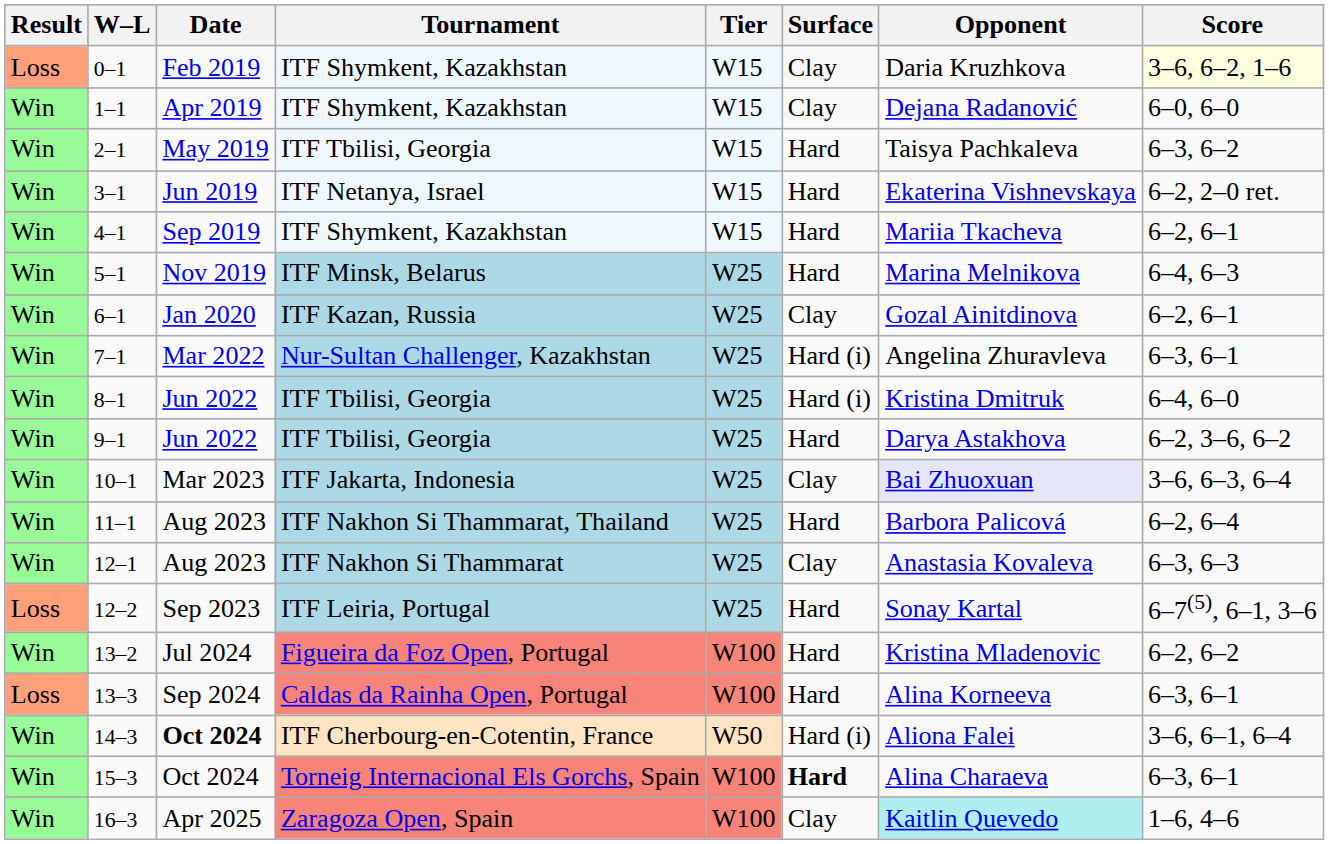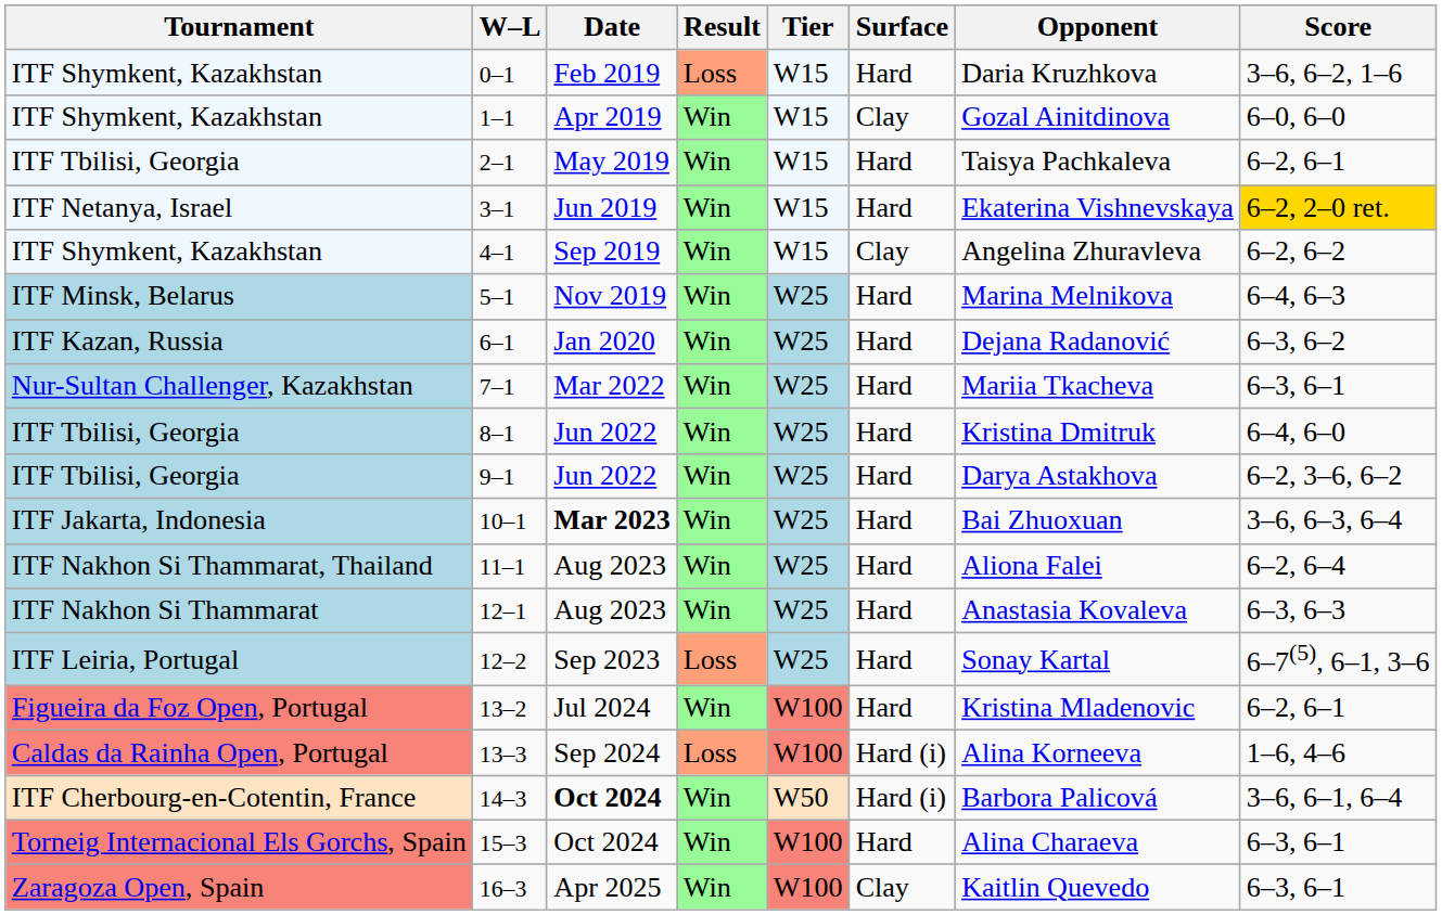 <table class="sortable wikitable">
 <tr>
-<th>Result</th>
+<th>Tournament</th>
 <th class="unsortable">W–L</th>
 <th>Date</th>
-<th>Tournament</th>
+<th>Result</th>
 <th>Tier</th>
 <th>Surface</th>
 <th>Opponent</th>
 <th class="unsortable">Score</th>
 </tr>
 <tr>
-<td style="background:#ffa07a">Loss</td>
+<td style="background:#f0f8ff;">ITF Shymkent, Kazakhstan</td>
 <td><small>0–1</small></td>
 <td><a href='#'>Feb 2019</a></td>
+<td style="background:#ffa07a">Loss</td>
+<td style="background:#f0f8ff;">W15</td>
+<td>Hard</td>
+<td> Daria Kruzhkova</td>
+<td>3–6, 6–2, 1–6</td>
+</tr>
+<tr>
 <td style="background:#f0f8ff;">ITF Shymkent, Kazakhstan</td>
+<td><small>1–1</small></td>
+<td><a href='#'>Apr 2019</a></td>
+<td style="background:#98fb98;">Win</td>
 <td style="background:#f0f8ff;">W15</td>
 <td>Clay</td>
-<td> Daria Kruzhkova</td>
-<td style="background: lightyellow;">3–6, 6–2, 1–6</td>
-</tr>
-<tr>
-<td style="background:#98fb98;">Win</td>
-<td><small>1–1</small></td>
-<td><a href='#'>Apr 2019</a></td>
-<td style="background:#f0f8ff;">ITF Shymkent, Kazakhstan</td>
-<td style="background:#f0f8ff;">W15</td>
-<td>Clay</td>
-<td> <a href='#'>Dejana Radanović</a></td>
+<td> <a href='#'>Gozal Ainitdinova</a></td>
 <td>6–0, 6–0</td>
 </tr>
 <tr>
-<td style="background:#98fb98;">Win</td>
+<td style="background:#f0f8ff;">ITF Tbilisi, Georgia</td>
 <td><small>2–1</small></td>
 <td><a href='#'>May 2019</a></td>
-<td style="background:#f0f8ff;">ITF Tbilisi, Georgia</td>
+<td style="background:#98fb98;">Win</td>
 <td style="background:#f0f8ff;">W15</td>
 <td>Hard</td>
 <td> Taisya Pachkaleva</td>
-<td>6–3, 6–2</td>
+<td>6–2, 6–1</td>
 </tr>
 <tr>
-<td style="background:#98fb98;">Win</td>
+<td style="background:#f0f8ff;">ITF Netanya, Israel</td>
 <td><small>3–1</small></td>
 <td><a href='#'>Jun 2019</a></td>
-<td style="background:#f0f8ff;">ITF Netanya, Israel</td>
+<td style="background:#98fb98;">Win</td>
 <td style="background:#f0f8ff;">W15</td>
 <td>Hard</td>
 <td> <a href='#'>Ekaterina Vishnevskaya</a></td>
-<td>6–2, 2–0 ret.</td>
+<td style="background: gold;">6–2, 2–0 ret.</td>
 </tr>
 <tr>
-<td style="background:#98fb98;">Win</td>
+<td style="background:#f0f8ff;">ITF Shymkent, Kazakhstan</td>
 <td><small>4–1</small></td>
 <td><a href='#'>Sep 2019</a></td>
-<td style="background:#f0f8ff;">ITF Shymkent, Kazakhstan</td>
+<td style="background:#98fb98;">Win</td>
 <td style="background:#f0f8ff;">W15</td>
-<td>Hard</td>
-<td> <a href='#'>Mariia Tkacheva</a></td>
-<td>6–2, 6–1</td>
+<td>Clay</td>
+<td> Angelina Zhuravleva</td>
+<td>6–2, 6–2</td>
 </tr>
 <tr>
-<td style="background:#98fb98;">Win</td>
+<td style="background:lightblue">ITF Minsk, Belarus</td>
 <td><small>5–1</small></td>
 <td><a href='#'>Nov 2019</a></td>
-<td style="background:lightblue">ITF Minsk, Belarus</td>
+<td style="background:#98fb98;">Win</td>
 <td style="background:lightblue">W25</td>
 <td>Hard</td>
 <td> <a href='#'>Marina Melnikova</a></td>
 <td>6–4, 6–3</td>
 </tr>
 <tr>
-<td style="background:#98fb98;">Win</td>
+<td style="background:lightblue">ITF Kazan, Russia</td>
 <td><small>6–1</small></td>
 <td><a href='#'>Jan 2020</a></td>
-<td style="background:lightblue">ITF Kazan, Russia</td>
+<td style="background:#98fb98;">Win</td>
 <td style="background:lightblue">W25</td>
-<td>Clay</td>
-<td> <a href='#'>Gozal Ainitdinova</a></td>
-<td>6–2, 6–1</td>
+<td>Hard</td>
+<td> <a href='#'>Dejana Radanović</a></td>
+<td>6–3, 6–2</td>
 </tr>
 <tr>
-<td style="background:#98fb98;">Win</td>
+<td style="background:lightblue"><a href='#'>Nur-Sultan Challenger</a>, Kazakhstan</td>
 <td><small>7–1</small></td>
 <td><a href='#'>Mar 2022</a></td>
-<td style="background:lightblue"><a href='#'>Nur-Sultan Challenger</a>, Kazakhstan</td>
+<td style="background:#98fb98;">Win</td>
 <td style="background:lightblue">W25</td>
-<td>Hard (i)</td>
-<td> Angelina Zhuravleva</td>
+<td>Hard</td>
+<td> <a href='#'>Mariia Tkacheva</a></td>
 <td>6–3, 6–1</td>
 </tr>
 <tr>
-<td style="background:#98fb98;">Win</td>
+<td style="background:lightblue">ITF Tbilisi, Georgia</td>
 <td><small>8–1</small></td>
 <td><a href='#'>Jun 2022</a></td>
-<td style="background:lightblue">ITF Tbilisi, Georgia</td>
+<td style="background:#98fb98;">Win</td>
 <td style="background:lightblue">W25</td>
-<td>Hard (i)</td>
+<td>Hard</td>
 <td> <a href='#'>Kristina Dmitruk</a></td>
 <td>6–4, 6–0</td>
 </tr>
 <tr>
-<td style="background:#98fb98;">Win</td>
+<td style="background:lightblue">ITF Tbilisi, Georgia</td>
 <td><small>9–1</small></td>
 <td><a href='#'>Jun 2022</a></td>
-<td style="background:lightblue">ITF Tbilisi, Georgia</td>
+<td style="background:#98fb98;">Win</td>
 <td style="background:lightblue">W25</td>
 <td>Hard</td>
 <td> <a href='#'>Darya Astakhova</a></td>
 <td>6–2, 3–6, 6–2</td>
 </tr>
 <tr>
+<td style="background:lightblue">ITF Jakarta, Indonesia</td>
+<td><small>10–1</small></td>
+<td><strong>Mar 2023</strong></td>
 <td style="background:#98fb98;">Win</td>
-<td><small>10–1</small></td>
-<td>Mar 2023</td>
-<td style="background:lightblue">ITF Jakarta, Indonesia</td>
 <td style="background:lightblue">W25</td>
-<td>Clay</td>
-<td style="background: lavender;"> <a href='#'>Bai Zhuoxuan</a></td>
+<td>Hard</td>
+<td> <a href='#'>Bai Zhuoxuan</a></td>
 <td>3–6, 6–3, 6–4</td>
 </tr>
 <tr>
-<td style="background:#98fb98;">Win</td>
+<td style="background:lightblue">ITF Nakhon Si Thammarat, Thailand</td>
 <td><small>11–1</small></td>
 <td>Aug 2023</td>
-<td style="background:lightblue">ITF Nakhon Si Thammarat, Thailand</td>
+<td style="background:#98fb98;">Win</td>
 <td style="background:lightblue">W25</td>
 <td>Hard</td>
-<td> <a href='#'>Barbora Palicová</a></td>
+<td> <a href='#'>Aliona Falei</a></td>
 <td>6–2, 6–4</td>
 </tr>
 <tr>
-<td style="background:#98fb98;">Win</td>
+<td style="background:lightblue">ITF Nakhon Si Thammarat</td>
 <td><small>12–1</small></td>
 <td>Aug 2023</td>
-<td style="background:lightblue">ITF Nakhon Si Thammarat</td>
+<td style="background:#98fb98;">Win</td>
 <td style="background:lightblue">W25</td>
-<td>Clay</td>
+<td>Hard</td>
 <td> <a href='#'>Anastasia Kovaleva</a></td>
 <td>6–3, 6–3</td>
 </tr>
 <tr>
-<td style="background:#ffa07a;">Loss</td>
+<td style="background:lightblue">ITF Leiria, Portugal</td>
 <td><small>12–2</small></td>
 <td>Sep 2023</td>
-<td style="background:lightblue">ITF Leiria, Portugal</td>
+<td style="background:#ffa07a;">Loss</td>
 <td style="background:lightblue">W25</td>
 <td>Hard</td>
 <td> <a href='#'>Sonay Kartal</a></td>
 <td>6–7<sup>(5)</sup>, 6–1, 3–6</td>
 </tr>
 <tr>
-<td style="background:#98fb98;">Win</td>
+<td style="background:#f88379;"><a href='#'>Figueira da Foz Open</a>, Portugal</td>
 <td><small>13–2</small></td>
 <td>Jul 2024</td>
-<td style="background:#f88379;"><a href='#'>Figueira da Foz Open</a>, Portugal</td>
+<td style="background:#98fb98;">Win</td>
 <td style="background:#f88379;">W100</td>
 <td>Hard</td>
 <td> <a href='#'>Kristina Mladenovic</a></td>
-<td>6–2, 6–2</td>
+<td>6–2, 6–1</td>
 </tr>
 <tr>
-<td style="background:#ffa07a;">Loss</td>
+<td style="background:#f88379;"><a href='#'>Caldas da Rainha Open</a>, Portugal</td>
 <td><small>13–3</small></td>
 <td>Sep 2024</td>
-<td style="background:#f88379;"><a href='#'>Caldas da Rainha Open</a>, Portugal</td>
+<td style="background:#ffa07a;">Loss</td>
 <td style="background:#f88379;">W100</td>
-<td>Hard</td>
+<td>Hard (i)</td>
 <td> <a href='#'>Alina Korneeva</a></td>
-<td>6–3, 6–1</td>
+<td>1–6, 4–6</td>
 </tr>
 <tr>
-<td style="background:#98fb98;">Win</td>
+<td style="background:#ffe4c4;">ITF Cherbourg-en-Cotentin, France</td>
 <td><small>14–3</small></td>
 <td><strong>Oct 2024</strong></td>
-<td style="background:#ffe4c4;">ITF Cherbourg-en-Cotentin, France</td>
+<td style="background:#98fb98;">Win</td>
 <td style="background:#ffe4c4;">W50</td>
 <td>Hard (i)</td>
-<td> <a href='#'>Aliona Falei</a></td>
+<td> <a href='#'>Barbora Palicová</a></td>
 <td>3–6, 6–1, 6–4</td>
 </tr>
 <tr>
-<td style="background:#98fb98;">Win</td>
+<td style="background:#f88379;"><a href='#'>Torneig Internacional Els Gorchs</a>, Spain</td>
 <td><small>15–3</small></td>
 <td>Oct 2024</td>
-<td style="background:#f88379;"><a href='#'>Torneig Internacional Els Gorchs</a>, Spain</td>
+<td style="background:#98fb98;">Win</td>
 <td style="background:#f88379;">W100</td>
-<td><strong>Hard</strong></td>
+<td>Hard</td>
 <td> <a href='#'>Alina Charaeva</a></td>
 <td>6–3, 6–1</td>
 </tr>
 <tr>
-<td style="background:#98fb98;">Win</td>
+<td style="background:#f88379;"><a href='#'>Zaragoza Open</a>, Spain</td>
 <td><small>16–3</small></td>
 <td>Apr 2025</td>
-<td style="background:#f88379;"><a href='#'>Zaragoza Open</a>, Spain</td>
+<td style="background:#98fb98;">Win</td>
 <td style="background:#f88379;">W100</td>
 <td>Clay</td>
-<td style="background: paleturquoise;"> <a href='#'>Kaitlin Quevedo</a></td>
-<td>1–6, 4–6</td>
+<td> <a href='#'>Kaitlin Quevedo</a></td>
+<td>6–3, 6–1</td>
 </tr>
 </table>
